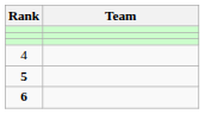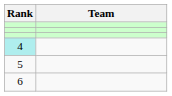 <table class=wikitable style="text-align:center;">
 <tr>
 <th>Rank</th>
 <th width=180>Team</th>
 </tr>
 <tr bgcolor=ccffcc>
 <td></td>
 <td align=left></td>
 </tr>
 <tr bgcolor=ccffcc>
 <td></td>
 <td align=left></td>
 </tr>
 <tr bgcolor=ccffcc>
 <td></td>
 <td align=left></td>
 </tr>
 <tr>
-<td>4</td>
+<td style="background: paleturquoise;">4</td>
 <td align=left></td>
 </tr>
 <tr>
-<td><strong>5</strong></td>
+<td>5</td>
 <td align=left></td>
 </tr>
 <tr>
-<td><strong>6</strong></td>
+<td>6</td>
 <td align=left></td>
 </tr>
 </table>
